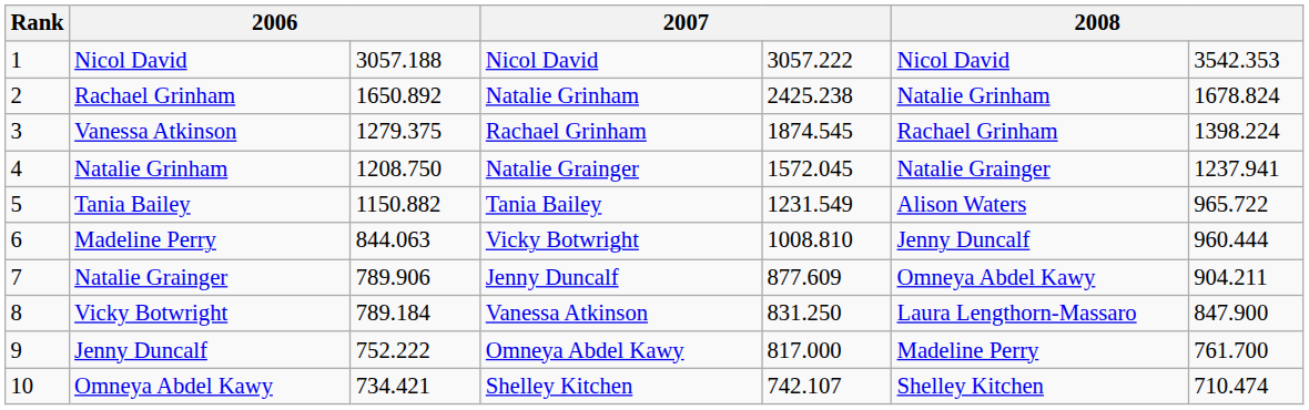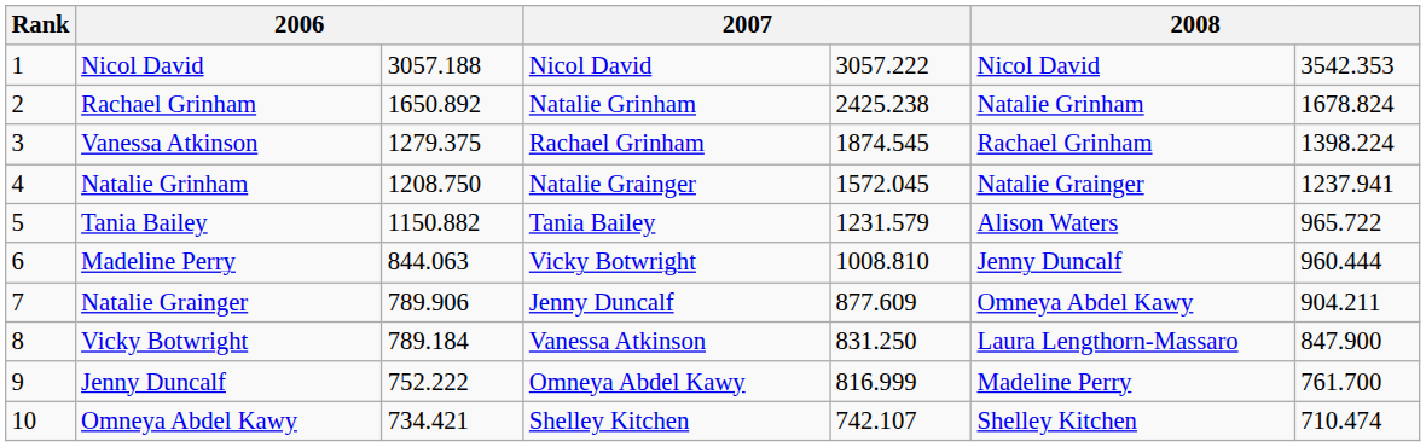 <table class=wikitable>
 <tr>
 <th>Rank</th>
 <th colspan=2 width="280">2006</th>
 <th colspan=2 width="280">2007</th>
 <th colspan=2 width="280">2008</th>
 </tr>
 <tr>
 <td>1</td>
 <td> <a href='#'>Nicol David</a></td>
 <td>3057.188</td>
 <td> <a href='#'>Nicol David</a></td>
 <td>3057.222</td>
 <td> <a href='#'>Nicol David</a></td>
 <td>3542.353</td>
 </tr>
 <tr>
 <td>2</td>
 <td> <a href='#'>Rachael Grinham</a></td>
 <td>1650.892</td>
 <td> <a href='#'>Natalie Grinham</a></td>
 <td>2425.238</td>
 <td> <a href='#'>Natalie Grinham</a></td>
 <td>1678.824</td>
 </tr>
 <tr>
 <td>3</td>
 <td> <a href='#'>Vanessa Atkinson</a></td>
 <td>1279.375</td>
 <td> <a href='#'>Rachael Grinham</a></td>
 <td>1874.545</td>
 <td> <a href='#'>Rachael Grinham</a></td>
 <td>1398.224</td>
 </tr>
 <tr>
 <td>4</td>
 <td> <a href='#'>Natalie Grinham</a></td>
 <td>1208.750</td>
 <td> <a href='#'>Natalie Grainger</a></td>
 <td>1572.045</td>
 <td> <a href='#'>Natalie Grainger</a></td>
 <td>1237.941</td>
 </tr>
 <tr>
 <td>5</td>
 <td> <a href='#'>Tania Bailey</a></td>
 <td>1150.882</td>
 <td> <a href='#'>Tania Bailey</a></td>
-<td>1231.549</td>
+<td>1231.579</td>
 <td> <a href='#'>Alison Waters</a></td>
 <td>965.722</td>
 </tr>
 <tr>
 <td>6</td>
 <td> <a href='#'>Madeline Perry</a></td>
 <td>844.063</td>
 <td> <a href='#'>Vicky Botwright</a></td>
 <td>1008.810</td>
 <td> <a href='#'>Jenny Duncalf</a></td>
 <td>960.444</td>
 </tr>
 <tr>
 <td>7</td>
 <td> <a href='#'>Natalie Grainger</a></td>
 <td>789.906</td>
 <td> <a href='#'>Jenny Duncalf</a></td>
 <td>877.609</td>
 <td> <a href='#'>Omneya Abdel Kawy</a></td>
 <td>904.211</td>
 </tr>
 <tr>
 <td>8</td>
 <td> <a href='#'>Vicky Botwright</a></td>
 <td>789.184</td>
 <td> <a href='#'>Vanessa Atkinson</a></td>
 <td>831.250</td>
 <td> <a href='#'>Laura Lengthorn-Massaro</a></td>
 <td>847.900</td>
 </tr>
 <tr>
 <td>9</td>
 <td> <a href='#'>Jenny Duncalf</a></td>
 <td>752.222</td>
 <td> <a href='#'>Omneya Abdel Kawy</a></td>
-<td>817.000</td>
+<td>816.999</td>
 <td> <a href='#'>Madeline Perry</a></td>
 <td>761.700</td>
 </tr>
 <tr>
 <td>10</td>
 <td> <a href='#'>Omneya Abdel Kawy</a></td>
 <td>734.421</td>
 <td> <a href='#'>Shelley Kitchen</a></td>
 <td>742.107</td>
 <td> <a href='#'>Shelley Kitchen</a></td>
 <td>710.474</td>
 </tr>
 </table>
